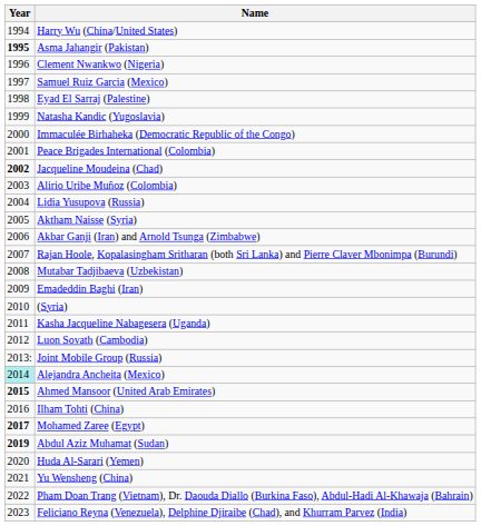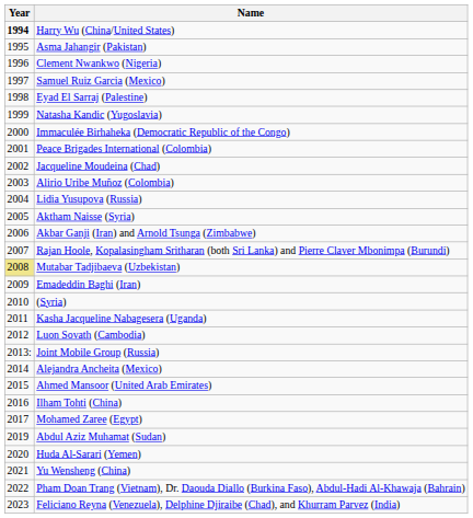 <table class="wikitable">
 <tr>
 <th>Year</th>
 <th>Name</th>
 </tr>
 <tr>
-<td>1994</td>
+<td><strong>1994</strong></td>
 <td><a href='#'>Harry Wu</a> (<a href='#'>China</a>/<a href='#'>United States</a>)</td>
 </tr>
 <tr>
-<td><strong>1995</strong></td>
+<td>1995</td>
 <td><a href='#'>Asma Jahangir</a> (<a href='#'>Pakistan</a>)</td>
 </tr>
 <tr>
 <td>1996</td>
 <td><a href='#'>Clement Nwankwo</a> (<a href='#'>Nigeria</a>)</td>
 </tr>
 <tr>
 <td>1997</td>
 <td><a href='#'>Samuel Ruiz Garcia</a> (<a href='#'>Mexico</a>)</td>
 </tr>
 <tr>
 <td>1998</td>
 <td><a href='#'>Eyad El Sarraj</a> (<a href='#'>Palestine</a>)</td>
 </tr>
 <tr>
 <td>1999</td>
 <td><a href='#'>Natasha Kandic</a> (<a href='#'>Yugoslavia</a>)</td>
 </tr>
 <tr>
 <td>2000</td>
 <td><a href='#'>Immaculée Birhaheka</a> (<a href='#'>Democratic Republic of the Congo</a>)</td>
 </tr>
 <tr>
 <td>2001</td>
 <td><a href='#'>Peace Brigades International</a> (<a href='#'>Colombia</a>)</td>
 </tr>
 <tr>
-<td><strong>2002</strong></td>
+<td>2002</td>
 <td><a href='#'>Jacqueline Moudeina</a> (<a href='#'>Chad</a>)</td>
 </tr>
 <tr>
 <td>2003</td>
 <td><a href='#'>Alirio Uribe Muñoz</a> (<a href='#'>Colombia</a>)</td>
 </tr>
 <tr>
 <td>2004</td>
 <td><a href='#'>Lidia Yusupova</a> (<a href='#'>Russia</a>)</td>
 </tr>
 <tr>
 <td>2005</td>
 <td><a href='#'>Aktham Naisse</a> (<a href='#'>Syria</a>)</td>
 </tr>
 <tr>
 <td>2006</td>
 <td><a href='#'>Akbar Ganji</a> (<a href='#'>Iran</a>) and <a href='#'>Arnold Tsunga</a> (<a href='#'>Zimbabwe</a>)</td>
 </tr>
 <tr>
 <td>2007</td>
 <td><a href='#'>Rajan Hoole</a>, <a href='#'>Kopalasingham Sritharan</a> (both <a href='#'>Sri Lanka</a>) and <a href='#'>Pierre Claver Mbonimpa</a> (<a href='#'>Burundi</a>)</td>
 </tr>
 <tr>
-<td>2008</td>
+<td style="background: khaki;">2008</td>
 <td><a href='#'>Mutabar Tadjibaeva</a> (<a href='#'>Uzbekistan</a>)</td>
 </tr>
 <tr>
 <td>2009</td>
 <td><a href='#'>Emadeddin Baghi</a> (<a href='#'>Iran</a>)</td>
 </tr>
 <tr>
 <td>2010</td>
 <td> (<a href='#'>Syria</a>)</td>
 </tr>
 <tr>
 <td>2011</td>
 <td><a href='#'>Kasha Jacqueline Nabagesera</a> (<a href='#'>Uganda</a>)</td>
 </tr>
 <tr>
 <td>2012</td>
 <td><a href='#'>Luon Sovath</a> (<a href='#'>Cambodia</a>)</td>
 </tr>
 <tr>
 <td>2013:</td>
 <td><a href='#'>Joint Mobile Group</a> (<a href='#'>Russia</a>)</td>
 </tr>
 <tr>
-<td style="background: paleturquoise;">2014</td>
+<td>2014</td>
 <td><a href='#'>Alejandra Ancheita</a> (<a href='#'>Mexico</a>)</td>
 </tr>
 <tr>
-<td><strong>2015</strong></td>
+<td>2015</td>
 <td><a href='#'>Ahmed Mansoor</a> (<a href='#'>United Arab Emirates</a>)</td>
 </tr>
 <tr>
 <td>2016</td>
 <td><a href='#'>Ilham Tohti</a> (<a href='#'>China</a>) </td>
 </tr>
 <tr>
-<td><strong>2017</strong></td>
+<td>2017</td>
 <td><a href='#'>Mohamed Zaree</a> (<a href='#'>Egypt</a>)</td>
 </tr>
 <tr>
-<td><strong>2019</strong></td>
+<td>2019</td>
 <td><a href='#'>Abdul Aziz Muhamat</a> (<a href='#'>Sudan</a>)</td>
 </tr>
 <tr>
 <td>2020</td>
 <td><a href='#'>Huda Al-Sarari</a> (<a href='#'>Yemen</a>)</td>
 </tr>
 <tr>
 <td>2021</td>
 <td><a href='#'>Yu Wensheng</a> (<a href='#'>China</a>)</td>
 </tr>
 <tr>
 <td>2022</td>
 <td><a href='#'>Pham Doan Trang</a> (<a href='#'>Vietnam</a>), Dr. <a href='#'>Daouda Diallo</a> (<a href='#'>Burkina Faso</a>), <a href='#'>Abdul-Hadi Al-Khawaja</a> (<a href='#'>Bahrain</a>) </td>
 </tr>
 <tr>
 <td>2023</td>
 <td><a href='#'>Feliciano Reyna</a> (<a href='#'>Venezuela</a>), <a href='#'>Delphine Djiraibe</a> (<a href='#'>Chad</a>), and <a href='#'>Khurram Parvez</a> (<a href='#'>India</a>)</td>
 </tr>
 </table>
